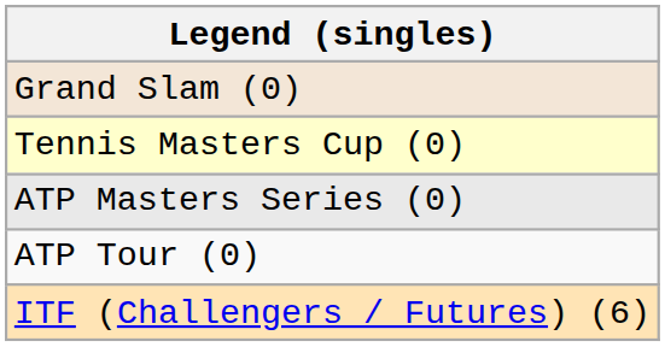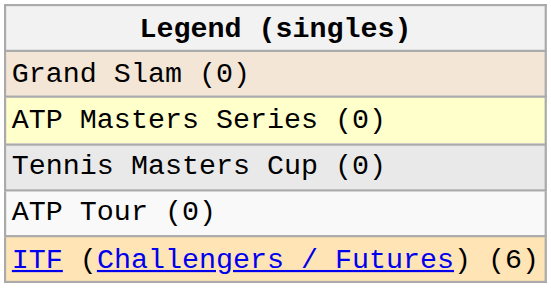 <table class="wikitable">
 <tr>
 <th>Legend (singles)</th>
 </tr>
 <tr style="background:#f3e6d7;">
 <td>Grand Slam (0)</td>
 </tr>
 <tr style="background:#ffc;">
-<td>Tennis Masters Cup (0)</td>
+<td>ATP Masters Series (0)</td>
 </tr>
 <tr style="background:#e9e9e9;">
-<td>ATP Masters Series (0)</td>
+<td>Tennis Masters Cup (0)</td>
 </tr>
 <tr>
 <td>ATP Tour (0)</td>
 </tr>
 <tr bgcolor="moccasin">
 <td><a href='#'>ITF</a> (<a href='#'>Challengers / Futures</a>) (6)</td>
 </tr>
 </table>
